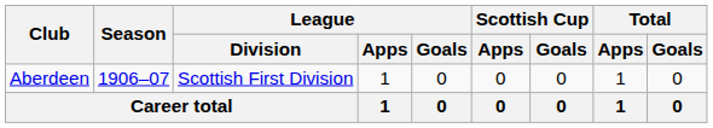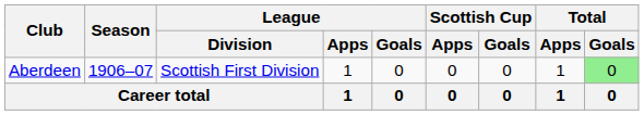 <table class="wikitable" style="text-align: center;">
 <tr>
 <th rowspan="2">Club</th>
 <th rowspan="2">Season</th>
 <th colspan="3">League</th>
 <th colspan="2">Scottish Cup</th>
 <th colspan="2">Total</th>
 </tr>
 <tr>
 <th>Division</th>
 <th>Apps</th>
 <th>Goals</th>
 <th>Apps</th>
 <th>Goals</th>
 <th>Apps</th>
 <th>Goals</th>
 </tr>
 <tr>
 <td><a href='#'>Aberdeen</a></td>
 <td><a href='#'>1906–07</a></td>
 <td><a href='#'>Scottish First Division</a></td>
 <td>1</td>
 <td>0</td>
 <td>0</td>
 <td>0</td>
 <td>1</td>
-<td>0</td>
+<td style="background: lightgreen;">0</td>
 </tr>
 <tr>
 <th colspan="3">Career total</th>
 <th>1</th>
 <th>0</th>
 <th>0</th>
 <th>0</th>
 <th>1</th>
 <th>0</th>
 </tr>
 </table>
